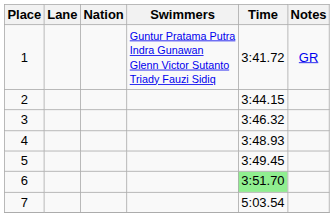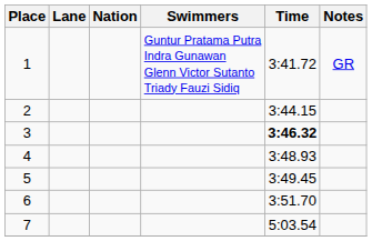 <table class="wikitable sortable" style="text-align:center">
 <tr>
 <th>Place</th>
 <th>Lane</th>
 <th>Nation</th>
 <th>Swimmers</th>
 <th>Time</th>
 <th>Notes</th>
 </tr>
 <tr>
 <td>1</td>
 <td></td>
 <td align=left></td>
 <td align=left><small> <a href='#'>Guntur Pratama Putra</a> <br> <a href='#'>Indra Gunawan</a> <br> <a href='#'>Glenn Victor Sutanto</a> <br> <a href='#'>Triady Fauzi Sidiq</a> </small></td>
 <td>3:41.72</td>
 <td><a href='#'>GR</a></td>
 </tr>
 <tr>
 <td>2</td>
 <td></td>
 <td align=left></td>
 <td></td>
 <td>3:44.15</td>
 <td></td>
 </tr>
 <tr>
 <td>3</td>
 <td></td>
 <td align=left></td>
 <td></td>
-<td>3:46.32</td>
+<td><strong>3:46.32</strong></td>
 <td></td>
 </tr>
 <tr>
 <td>4</td>
 <td></td>
 <td align=left></td>
 <td></td>
 <td>3:48.93</td>
 <td></td>
 </tr>
 <tr>
 <td>5</td>
 <td></td>
 <td align=left></td>
 <td></td>
 <td>3:49.45</td>
 <td></td>
 </tr>
 <tr>
 <td>6</td>
 <td></td>
 <td align=left></td>
 <td></td>
-<td style="background: lightgreen;">3:51.70</td>
+<td>3:51.70</td>
 <td></td>
 </tr>
 <tr>
 <td>7</td>
 <td></td>
 <td align=left></td>
 <td></td>
 <td>5:03.54</td>
 <td></td>
 </tr>
 <tr>
 </tr>
 </table>
